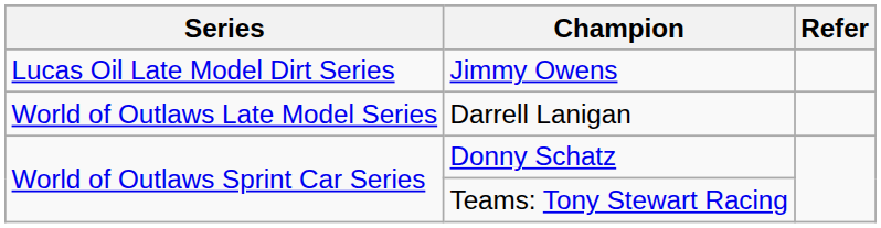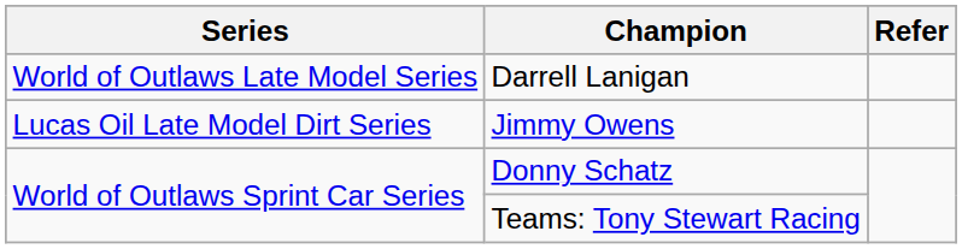 <table class="wikitable" style="font-size:87%;">
 <tr>
 <th>Series</th>
 <th>Champion</th>
 <th>Refer</th>
 </tr>
 <tr>
-<td><a href='#'>Lucas Oil Late Model Dirt Series</a></td>
-<td> <a href='#'>Jimmy Owens</a></td>
+<td><a href='#'>World of Outlaws Late Model Series</a></td>
+<td> Darrell Lanigan</td>
 <td></td>
 </tr>
 <tr>
-<td><a href='#'>World of Outlaws Late Model Series</a></td>
-<td> Darrell Lanigan</td>
+<td><a href='#'>Lucas Oil Late Model Dirt Series</a></td>
+<td> <a href='#'>Jimmy Owens</a></td>
 <td></td>
 </tr>
 <tr>
 <td rowspan=2><a href='#'>World of Outlaws Sprint Car Series</a></td>
 <td> <a href='#'>Donny Schatz</a></td>
 <td rowspan=2></td>
 </tr>
 <tr>
 <td>Teams:  <a href='#'>Tony Stewart Racing</a></td>
 </tr>
 </table>
